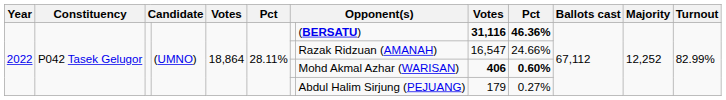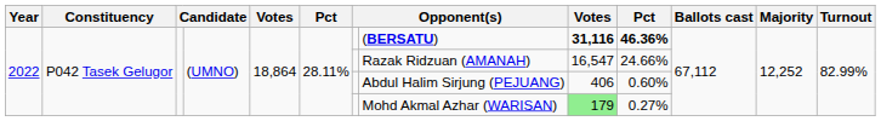 <table class="wikitable" style="margin:0.5em ; font-size:95%">
 <tr>
 <th>Year</th>
 <th>Constituency</th>
 <th colspan=2>Candidate</th>
 <th>Votes</th>
 <th>Pct</th>
 <th colspan=2>Opponent(s)</th>
 <th>Votes</th>
 <th>Pct</th>
 <th>Ballots cast</th>
 <th>Majority</th>
 <th>Turnout</th>
 </tr>
 <tr>
 <td rowspan=4><a href='#'>2022</a></td>
 <td rowspan=4>P042 <a href='#'>Tasek Gelugor</a></td>
 <td rowspan=4 ></td>
 <td rowspan=4> (<a href='#'>UMNO</a>)</td>
 <td rowspan=4 align="right">18,864</td>
 <td rowspan=4>28.11%</td>
 <td bgcolor=></td>
 <td> (<a href='#'><strong>BERSATU</strong></a>)</td>
 <td align="right"><strong>31,116</strong></td>
 <td><strong>46.36%</strong></td>
 <td rowspan=4>67,112</td>
 <td rowspan=4>12,252</td>
 <td rowspan=4>82.99%</td>
 </tr>
 <tr>
 <td></td>
 <td>Razak Ridzuan (<a href='#'>AMANAH</a>)</td>
 <td align="right">16,547</td>
 <td>24.66%</td>
 </tr>
 <tr>
 <td bgcolor=></td>
-<td>Mohd Akmal Azhar (<a href='#'>WARISAN</a>)</td>
-<td align="right"><strong>406</strong></td>
-<td align="right"><strong>0.60%</strong></td>
+<td>Abdul Halim Sirjung (<a href='#'>PEJUANG</a>)</td>
+<td align="right">406</td>
+<td align="right">0.60%</td>
 </tr>
 <tr>
 <td></td>
-<td>Abdul Halim Sirjung (<a href='#'>PEJUANG</a>)</td>
-<td align="right">179</td>
+<td>Mohd Akmal Azhar (<a href='#'>WARISAN</a>)</td>
+<td align="right" style="background: lightgreen;">179</td>
 <td align="right">0.27%</td>
 </tr>
 </table>
